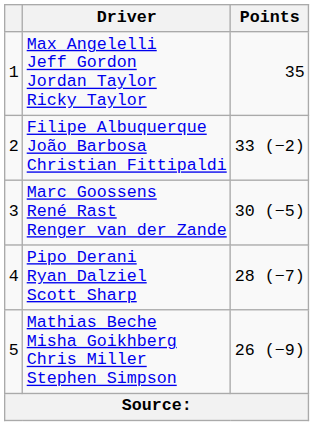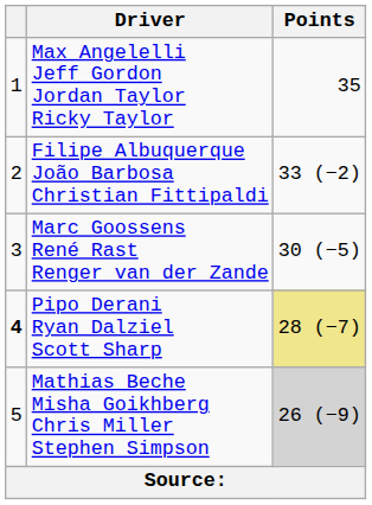 <table class="wikitable" style="font-size: 95%;">
 <tr>
 <th scope="col"></th>
 <th scope="col">Driver</th>
 <th scope="col">Points</th>
 </tr>
 <tr>
 <td align=center>1</td>
 <td> <a href='#'>Max Angelelli</a><br> <a href='#'>Jeff Gordon</a><br> <a href='#'>Jordan Taylor</a><br> <a href='#'>Ricky Taylor</a></td>
 <td align=right>35</td>
 </tr>
 <tr>
 <td align=center>2</td>
 <td> <a href='#'>Filipe Albuquerque</a><br> <a href='#'>João Barbosa</a><br> <a href='#'>Christian Fittipaldi</a></td>
 <td align=right>33 (−2)</td>
 </tr>
 <tr>
 <td align=center>3</td>
 <td> <a href='#'>Marc Goossens</a><br> <a href='#'>René Rast</a><br> <a href='#'>Renger van der Zande</a></td>
 <td align=right>30 (−5)</td>
 </tr>
 <tr>
-<td align=center>4</td>
+<td align=center><strong>4</strong></td>
 <td> <a href='#'>Pipo Derani</a><br> <a href='#'>Ryan Dalziel</a><br> <a href='#'>Scott Sharp</a></td>
-<td align=right>28 (−7)</td>
+<td align=right style="background: khaki;">28 (−7)</td>
 </tr>
 <tr>
 <td align=center>5</td>
 <td> <a href='#'>Mathias Beche</a><br> <a href='#'>Misha Goikhberg</a><br> <a href='#'>Chris Miller</a><br> <a href='#'>Stephen Simpson</a></td>
-<td align=right>26 (−9)</td>
+<td align=right style="background: lightgrey;">26 (−9)</td>
 </tr>
 <tr>
 <th colspan=4>Source:</th>
 </tr>
 </table>
